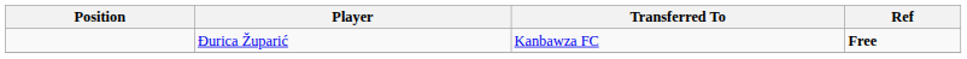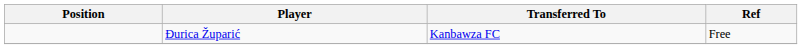 <table class="wikitable sortable" style="width:65%; text-align:center; font-size:100%; text-align:left;">
 <tr>
 <th><strong>Position</strong></th>
 <th><strong>Player</strong></th>
 <th><strong>Transferred To</strong></th>
 <th><strong>Ref</strong></th>
 </tr>
 <tr>
 <td></td>
 <td> <a href='#'>Đurica Župarić</a></td>
 <td> <a href='#'>Kanbawza FC</a></td>
-<td><strong>Free</strong></td>
+<td>Free</td>
 </tr>
 <tr>
 </tr>
 </table>
